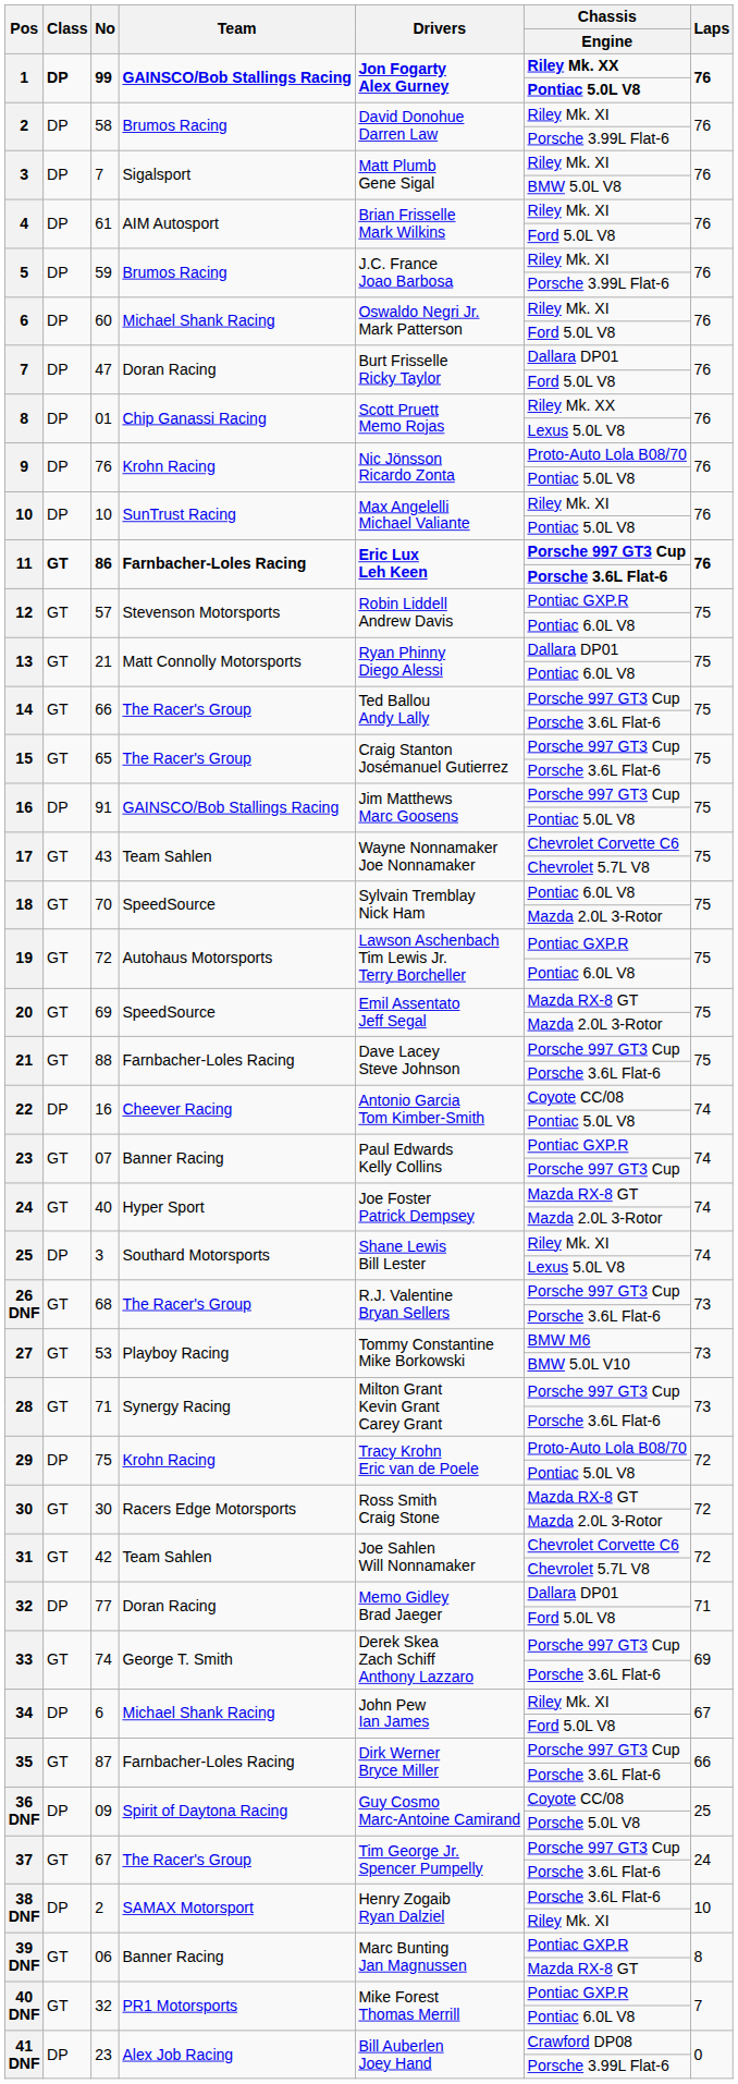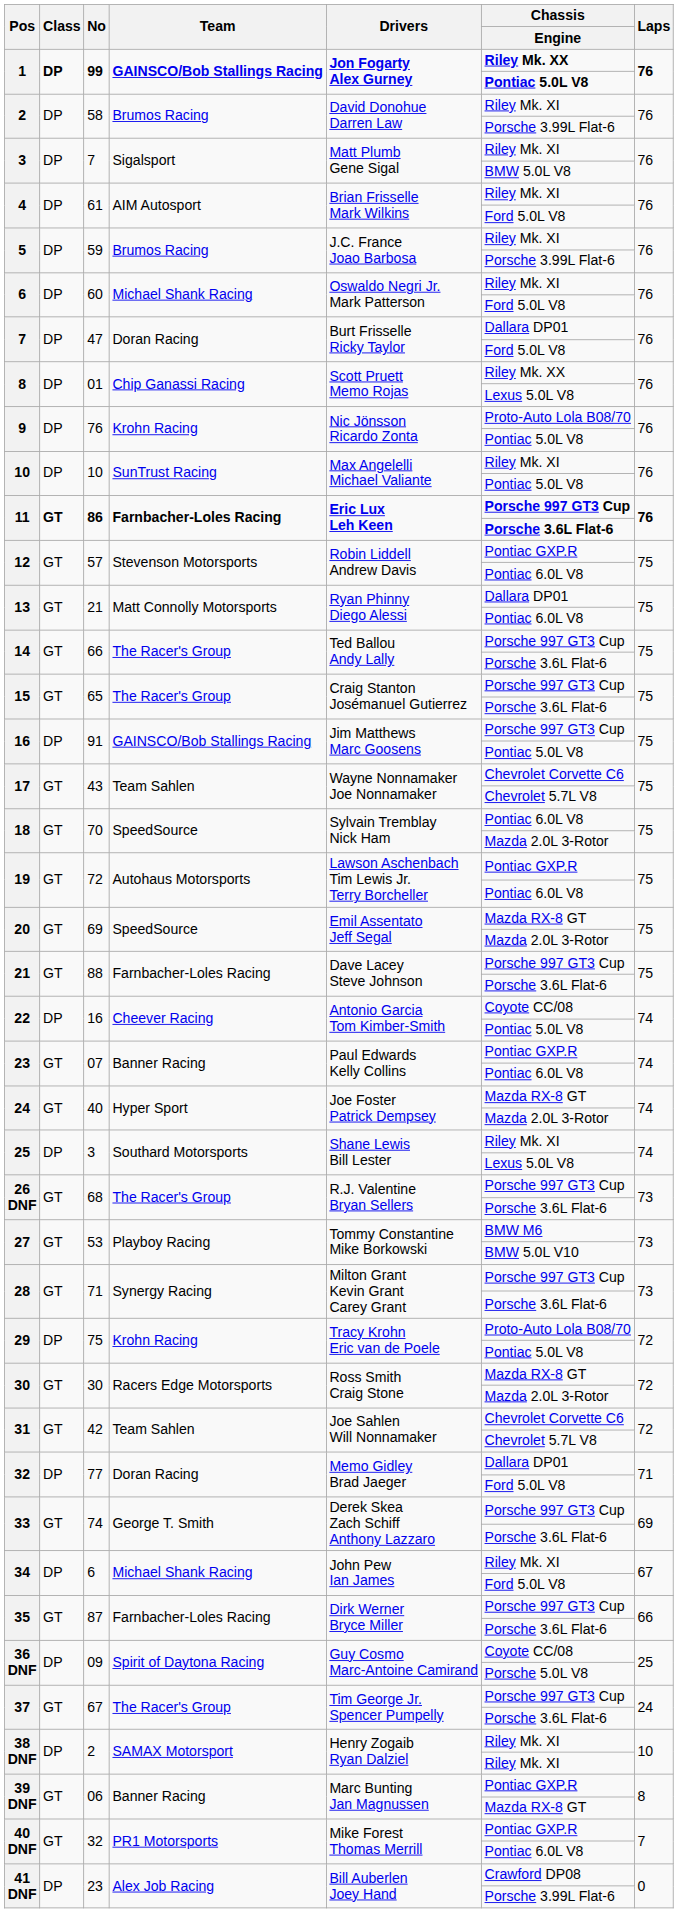 <table class="wikitable">
 <tr>
 <th rowspan="2">Pos</th>
 <th rowspan="2">Class</th>
 <th rowspan="2">No</th>
 <th rowspan="2">Team</th>
 <th rowspan="2">Drivers</th>
 <th>Chassis</th>
 <th rowspan="2">Laps</th>
 </tr>
 <tr>
 <th>Engine</th>
 </tr>
 <tr>
 <th rowspan="2">1</th>
 <td rowspan="2"><strong>DP</strong></td>
 <td rowspan="2"><strong>99</strong></td>
 <td rowspan="2"><strong><a href='#'>GAINSCO/Bob Stallings Racing</a></strong></td>
 <td rowspan="2"><strong> <a href='#'>Jon Fogarty</a><br> <a href='#'>Alex Gurney</a></strong></td>
 <td><strong><a href='#'>Riley</a> Mk. XX</strong></td>
 <td rowspan="2"><strong>76</strong></td>
 </tr>
 <tr>
 <td><strong><a href='#'>Pontiac</a> 5.0L V8</strong></td>
 </tr>
 <tr>
 <th rowspan="2">2</th>
 <td rowspan="2">DP</td>
 <td rowspan="2">58</td>
 <td rowspan="2"><a href='#'>Brumos Racing</a></td>
 <td rowspan="2"> <a href='#'>David Donohue</a><br> <a href='#'>Darren Law</a></td>
 <td><a href='#'>Riley</a> Mk. XI</td>
 <td rowspan="2">76</td>
 </tr>
 <tr>
 <td><a href='#'>Porsche</a> 3.99L Flat-6</td>
 </tr>
 <tr>
 <th rowspan="2">3</th>
 <td rowspan="2">DP</td>
 <td rowspan="2">7</td>
 <td rowspan="2">Sigalsport</td>
 <td rowspan="2"> <a href='#'>Matt Plumb</a><br> Gene Sigal</td>
 <td><a href='#'>Riley</a> Mk. XI</td>
 <td rowspan="2">76</td>
 </tr>
 <tr>
 <td><a href='#'>BMW</a> 5.0L V8</td>
 </tr>
 <tr>
 <th rowspan="2">4</th>
 <td rowspan="2">DP</td>
 <td rowspan="2">61</td>
 <td rowspan="2">AIM Autosport</td>
 <td rowspan="2"> <a href='#'>Brian Frisselle</a><br> <a href='#'>Mark Wilkins</a></td>
 <td><a href='#'>Riley</a> Mk. XI</td>
 <td rowspan="2">76</td>
 </tr>
 <tr>
 <td><a href='#'>Ford</a> 5.0L V8</td>
 </tr>
 <tr>
 <th rowspan="2">5</th>
 <td rowspan="2">DP</td>
 <td rowspan="2">59</td>
 <td rowspan="2"><a href='#'>Brumos Racing</a></td>
 <td rowspan="2"> J.C. France<br> <a href='#'>Joao Barbosa</a></td>
 <td><a href='#'>Riley</a> Mk. XI</td>
 <td rowspan="2">76</td>
 </tr>
 <tr>
 <td><a href='#'>Porsche</a> 3.99L Flat-6</td>
 </tr>
 <tr>
 <th rowspan="2">6</th>
 <td rowspan="2">DP</td>
 <td rowspan="2">60</td>
 <td rowspan="2"><a href='#'>Michael Shank Racing</a></td>
 <td rowspan="2"> <a href='#'>Oswaldo Negri Jr.</a><br> Mark Patterson</td>
 <td><a href='#'>Riley</a> Mk. XI</td>
 <td rowspan="2">76</td>
 </tr>
 <tr>
 <td><a href='#'>Ford</a> 5.0L V8</td>
 </tr>
 <tr>
 <th rowspan="2">7</th>
 <td rowspan="2">DP</td>
 <td rowspan="2">47</td>
 <td rowspan="2">Doran Racing</td>
 <td rowspan="2"> Burt Frisselle<br> <a href='#'>Ricky Taylor</a></td>
 <td><a href='#'>Dallara</a> DP01</td>
 <td rowspan="2">76</td>
 </tr>
 <tr>
 <td><a href='#'>Ford</a> 5.0L V8</td>
 </tr>
 <tr>
 <th rowspan="2">8</th>
 <td rowspan="2">DP</td>
 <td rowspan="2">01</td>
 <td rowspan="2"><a href='#'>Chip Ganassi Racing</a></td>
 <td rowspan="2"> <a href='#'>Scott Pruett</a><br> <a href='#'>Memo Rojas</a></td>
 <td><a href='#'>Riley</a> Mk. XX</td>
 <td rowspan="2">76</td>
 </tr>
 <tr>
 <td><a href='#'>Lexus</a> 5.0L V8</td>
 </tr>
 <tr>
 <th rowspan="2">9</th>
 <td rowspan="2">DP</td>
 <td rowspan="2">76</td>
 <td rowspan="2"><a href='#'>Krohn Racing</a></td>
 <td rowspan="2"> <a href='#'>Nic Jönsson</a><br> <a href='#'>Ricardo Zonta</a></td>
 <td><a href='#'>Proto-Auto Lola B08/70</a></td>
 <td rowspan="2">76</td>
 </tr>
 <tr>
 <td><a href='#'>Pontiac</a> 5.0L V8</td>
 </tr>
 <tr>
 <th rowspan="2">10</th>
 <td rowspan="2">DP</td>
 <td rowspan="2">10</td>
 <td rowspan="2"><a href='#'>SunTrust Racing</a></td>
 <td rowspan="2"> <a href='#'>Max Angelelli</a><br> <a href='#'>Michael Valiante</a></td>
 <td><a href='#'>Riley</a> Mk. XI</td>
 <td rowspan="2">76</td>
 </tr>
 <tr>
 <td><a href='#'>Pontiac</a> 5.0L V8</td>
 </tr>
 <tr>
 <th rowspan="2">11</th>
 <td rowspan="2"><strong>GT</strong></td>
 <td rowspan="2"><strong>86</strong></td>
 <td rowspan="2"><strong>Farnbacher-Loles Racing</strong></td>
 <td rowspan="2"><strong> <a href='#'>Eric Lux</a><br> <a href='#'>Leh Keen</a></strong></td>
 <td><strong><a href='#'>Porsche 997 GT3</a> Cup</strong></td>
 <td rowspan="2"><strong>76</strong></td>
 </tr>
 <tr>
 <td><strong><a href='#'>Porsche</a> 3.6L Flat-6</strong></td>
 </tr>
 <tr>
 <th rowspan="2">12</th>
 <td rowspan="2">GT</td>
 <td rowspan="2">57</td>
 <td rowspan="2">Stevenson Motorsports</td>
 <td rowspan="2"> <a href='#'>Robin Liddell</a><br> Andrew Davis</td>
 <td><a href='#'>Pontiac GXP.R</a></td>
 <td rowspan="2">75</td>
 </tr>
 <tr>
 <td><a href='#'>Pontiac</a> 6.0L V8</td>
 </tr>
 <tr>
 <th rowspan="2">13</th>
 <td rowspan="2">GT</td>
 <td rowspan="2">21</td>
 <td rowspan="2">Matt Connolly Motorsports</td>
 <td rowspan="2"> <a href='#'>Ryan Phinny</a><br> <a href='#'>Diego Alessi</a></td>
 <td><a href='#'>Dallara</a> DP01</td>
 <td rowspan="2">75</td>
 </tr>
 <tr>
 <td><a href='#'>Pontiac</a> 6.0L V8</td>
 </tr>
 <tr>
 <th rowspan="2">14</th>
 <td rowspan="2">GT</td>
 <td rowspan="2">66</td>
 <td rowspan="2"><a href='#'>The Racer's Group</a></td>
 <td rowspan="2"> Ted Ballou<br> <a href='#'>Andy Lally</a></td>
 <td><a href='#'>Porsche 997 GT3</a> Cup</td>
 <td rowspan="2">75</td>
 </tr>
 <tr>
 <td><a href='#'>Porsche</a> 3.6L Flat-6</td>
 </tr>
 <tr>
 <th rowspan="2">15</th>
 <td rowspan="2">GT</td>
 <td rowspan="2">65</td>
 <td rowspan="2"><a href='#'>The Racer's Group</a></td>
 <td rowspan="2"> Craig Stanton<br> Josémanuel Gutierrez</td>
 <td><a href='#'>Porsche 997 GT3</a> Cup</td>
 <td rowspan="2">75</td>
 </tr>
 <tr>
 <td><a href='#'>Porsche</a> 3.6L Flat-6</td>
 </tr>
 <tr>
 <th rowspan="2">16</th>
 <td rowspan="2">DP</td>
 <td rowspan="2">91</td>
 <td rowspan="2"><a href='#'>GAINSCO/Bob Stallings Racing</a></td>
 <td rowspan="2"> Jim Matthews<br> <a href='#'>Marc Goosens</a></td>
 <td><a href='#'>Porsche 997 GT3</a> Cup</td>
 <td rowspan="2">75</td>
 </tr>
 <tr>
 <td><a href='#'>Pontiac</a> 5.0L V8</td>
 </tr>
 <tr>
 <th rowspan="2">17</th>
 <td rowspan="2">GT</td>
 <td rowspan="2">43</td>
 <td rowspan="2">Team Sahlen</td>
 <td rowspan="2"> Wayne Nonnamaker<br> Joe Nonnamaker</td>
 <td><a href='#'>Chevrolet Corvette C6</a></td>
 <td rowspan="2">75</td>
 </tr>
 <tr>
 <td><a href='#'>Chevrolet</a> 5.7L V8</td>
 </tr>
 <tr>
 <th rowspan="2">18</th>
 <td rowspan="2">GT</td>
 <td rowspan="2">70</td>
 <td rowspan="2">SpeedSource</td>
 <td rowspan="2"> Sylvain Tremblay<br> Nick Ham</td>
 <td><a href='#'>Pontiac</a> 6.0L V8</td>
 <td rowspan="2">75</td>
 </tr>
 <tr>
 <td><a href='#'>Mazda</a> 2.0L 3-Rotor</td>
 </tr>
 <tr>
 <th rowspan="2">19</th>
 <td rowspan="2">GT</td>
 <td rowspan="2">72</td>
 <td rowspan="2">Autohaus Motorsports</td>
 <td rowspan="2"> <a href='#'>Lawson Aschenbach</a><br> Tim Lewis Jr.<br> <a href='#'>Terry Borcheller</a></td>
 <td><a href='#'>Pontiac GXP.R</a></td>
 <td rowspan="2">75</td>
 </tr>
 <tr>
 <td><a href='#'>Pontiac</a> 6.0L V8</td>
 </tr>
 <tr>
 <th rowspan="2">20</th>
 <td rowspan="2">GT</td>
 <td rowspan="2">69</td>
 <td rowspan="2">SpeedSource</td>
 <td rowspan="2"> <a href='#'>Emil Assentato</a><br> <a href='#'>Jeff Segal</a></td>
 <td><a href='#'>Mazda RX-8</a> GT</td>
 <td rowspan="2">75</td>
 </tr>
 <tr>
 <td><a href='#'>Mazda</a> 2.0L 3-Rotor</td>
 </tr>
 <tr>
 <th rowspan="2">21</th>
 <td rowspan="2">GT</td>
 <td rowspan="2">88</td>
 <td rowspan="2">Farnbacher-Loles Racing</td>
 <td rowspan="2"> Dave Lacey<br> Steve Johnson</td>
 <td><a href='#'>Porsche 997 GT3</a> Cup</td>
 <td rowspan="2">75</td>
 </tr>
 <tr>
 <td><a href='#'>Porsche</a> 3.6L Flat-6</td>
 </tr>
 <tr>
 <th rowspan="2">22</th>
 <td rowspan="2">DP</td>
 <td rowspan="2">16</td>
 <td rowspan="2"><a href='#'>Cheever Racing</a></td>
 <td rowspan="2"> <a href='#'>Antonio Garcia</a><br> <a href='#'>Tom Kimber-Smith</a></td>
 <td><a href='#'>Coyote</a> CC/08</td>
 <td rowspan="2">74</td>
 </tr>
 <tr>
 <td><a href='#'>Pontiac</a> 5.0L V8</td>
 </tr>
 <tr>
 <th rowspan="2">23</th>
 <td rowspan="2">GT</td>
 <td rowspan="2">07</td>
 <td rowspan="2">Banner Racing</td>
 <td rowspan="2"> Paul Edwards<br> Kelly Collins</td>
 <td><a href='#'>Pontiac GXP.R</a></td>
 <td rowspan="2">74</td>
 </tr>
 <tr>
-<td><a href='#'>Porsche 997 GT3</a> Cup</td>
+<td><a href='#'>Pontiac</a> 6.0L V8</td>
 </tr>
 <tr>
 <th rowspan="2">24</th>
 <td rowspan="2">GT</td>
 <td rowspan="2">40</td>
 <td rowspan="2">Hyper Sport</td>
 <td rowspan="2"> Joe Foster<br> <a href='#'>Patrick Dempsey</a></td>
 <td><a href='#'>Mazda RX-8</a> GT</td>
 <td rowspan="2">74</td>
 </tr>
 <tr>
 <td><a href='#'>Mazda</a> 2.0L 3-Rotor</td>
 </tr>
 <tr>
 <th rowspan="2">25</th>
 <td rowspan="2">DP</td>
 <td rowspan="2">3</td>
 <td rowspan="2">Southard Motorsports</td>
 <td rowspan="2"> <a href='#'>Shane Lewis</a><br> Bill Lester</td>
 <td><a href='#'>Riley</a> Mk. XI</td>
 <td rowspan="2">74</td>
 </tr>
 <tr>
 <td><a href='#'>Lexus</a> 5.0L V8</td>
 </tr>
 <tr>
 <th rowspan="2">26<br>DNF</th>
 <td rowspan="2">GT</td>
 <td rowspan="2">68</td>
 <td rowspan="2"><a href='#'>The Racer's Group</a></td>
 <td rowspan="2"> R.J. Valentine<br> <a href='#'>Bryan Sellers</a></td>
 <td><a href='#'>Porsche 997 GT3</a> Cup</td>
 <td rowspan="2">73</td>
 </tr>
 <tr>
 <td><a href='#'>Porsche</a> 3.6L Flat-6</td>
 </tr>
 <tr>
 <th rowspan="2">27</th>
 <td rowspan="2">GT</td>
 <td rowspan="2">53</td>
 <td rowspan="2">Playboy Racing</td>
 <td rowspan="2"> Tommy Constantine<br> Mike Borkowski</td>
 <td><a href='#'>BMW M6</a></td>
 <td rowspan="2">73</td>
 </tr>
 <tr>
 <td><a href='#'>BMW</a> 5.0L V10</td>
 </tr>
 <tr>
 <th rowspan="2">28</th>
 <td rowspan="2">GT</td>
 <td rowspan="2">71</td>
 <td rowspan="2">Synergy Racing</td>
 <td rowspan="2"> Milton Grant<br> Kevin Grant<br> Carey Grant</td>
 <td><a href='#'>Porsche 997 GT3</a> Cup</td>
 <td rowspan="2">73</td>
 </tr>
 <tr>
 <td><a href='#'>Porsche</a> 3.6L Flat-6</td>
 </tr>
 <tr>
 <th rowspan="2">29</th>
 <td rowspan="2">DP</td>
 <td rowspan="2">75</td>
 <td rowspan="2"><a href='#'>Krohn Racing</a></td>
 <td rowspan="2"> <a href='#'>Tracy Krohn</a><br> <a href='#'>Eric van de Poele</a></td>
 <td><a href='#'>Proto-Auto Lola B08/70</a></td>
 <td rowspan="2">72</td>
 </tr>
 <tr>
 <td><a href='#'>Pontiac</a> 5.0L V8</td>
 </tr>
 <tr>
 <th rowspan="2">30</th>
 <td rowspan="2">GT</td>
 <td rowspan="2">30</td>
 <td rowspan="2">Racers Edge Motorsports</td>
 <td rowspan="2"> Ross Smith<br> Craig Stone</td>
 <td><a href='#'>Mazda RX-8</a> GT</td>
 <td rowspan="2">72</td>
 </tr>
 <tr>
 <td><a href='#'>Mazda</a> 2.0L 3-Rotor</td>
 </tr>
 <tr>
 <th rowspan="2">31</th>
 <td rowspan="2">GT</td>
 <td rowspan="2">42</td>
 <td rowspan="2">Team Sahlen</td>
 <td rowspan="2"> Joe Sahlen<br> Will Nonnamaker</td>
 <td><a href='#'>Chevrolet Corvette C6</a></td>
 <td rowspan="2">72</td>
 </tr>
 <tr>
 <td><a href='#'>Chevrolet</a> 5.7L V8</td>
 </tr>
 <tr>
 <th rowspan="2">32</th>
 <td rowspan="2">DP</td>
 <td rowspan="2">77</td>
 <td rowspan="2">Doran Racing</td>
 <td rowspan="2"><strong></strong> <a href='#'>Memo Gidley</a><br> Brad Jaeger</td>
 <td><a href='#'>Dallara</a> DP01</td>
 <td rowspan="2">71</td>
 </tr>
 <tr>
 <td><a href='#'>Ford</a> 5.0L V8</td>
 </tr>
 <tr>
 <th rowspan="2">33</th>
 <td rowspan="2">GT</td>
 <td rowspan="2">74</td>
 <td rowspan="2">George T. Smith</td>
 <td rowspan="2"> Derek Skea<br> Zach Schiff<br> <a href='#'>Anthony Lazzaro</a></td>
 <td><a href='#'>Porsche 997 GT3</a> Cup</td>
 <td rowspan="2">69</td>
 </tr>
 <tr>
 <td><a href='#'>Porsche</a> 3.6L Flat-6</td>
 </tr>
 <tr>
 <th rowspan="2">34</th>
 <td rowspan="2">DP</td>
 <td rowspan="2">6</td>
 <td rowspan="2"><a href='#'>Michael Shank Racing</a></td>
 <td rowspan="2"> John Pew<br> <a href='#'>Ian James</a></td>
 <td><a href='#'>Riley</a> Mk. XI</td>
 <td rowspan="2">67</td>
 </tr>
 <tr>
 <td><a href='#'>Ford</a> 5.0L V8</td>
 </tr>
 <tr>
 <th rowspan="2">35</th>
 <td rowspan="2">GT</td>
 <td rowspan="2">87</td>
 <td rowspan="2">Farnbacher-Loles Racing</td>
 <td rowspan="2"> <a href='#'>Dirk Werner</a><br> <a href='#'>Bryce Miller</a></td>
 <td><a href='#'>Porsche 997 GT3</a> Cup</td>
 <td rowspan="2">66</td>
 </tr>
 <tr>
 <td><a href='#'>Porsche</a> 3.6L Flat-6</td>
 </tr>
 <tr>
 <th rowspan="2">36<br>DNF</th>
 <td rowspan="2">DP</td>
 <td rowspan="2">09</td>
 <td rowspan="2"><a href='#'>Spirit of Daytona Racing</a></td>
 <td rowspan="2"> <a href='#'>Guy Cosmo</a><br> <a href='#'>Marc-Antoine Camirand</a></td>
 <td><a href='#'>Coyote</a> CC/08</td>
 <td rowspan="2">25</td>
 </tr>
 <tr>
 <td><a href='#'>Porsche</a> 5.0L V8</td>
 </tr>
 <tr>
 <th rowspan="2">37</th>
 <td rowspan="2">GT</td>
 <td rowspan="2">67</td>
 <td rowspan="2"><a href='#'>The Racer's Group</a></td>
 <td rowspan="2"> <a href='#'>Tim George Jr.</a><br> <a href='#'>Spencer Pumpelly</a></td>
 <td><a href='#'>Porsche 997 GT3</a> Cup</td>
 <td rowspan="2">24</td>
 </tr>
 <tr>
 <td><a href='#'>Porsche</a> 3.6L Flat-6</td>
 </tr>
 <tr>
 <th rowspan="2">38<br>DNF</th>
 <td rowspan="2">DP</td>
 <td rowspan="2">2</td>
 <td rowspan="2"><a href='#'>SAMAX Motorsport</a></td>
 <td rowspan="2"> Henry Zogaib<br> <a href='#'>Ryan Dalziel</a></td>
-<td><a href='#'>Porsche</a> 3.6L Flat-6</td>
+<td><a href='#'>Riley</a> Mk. XI</td>
 <td rowspan="2">10</td>
 </tr>
 <tr>
 <td><a href='#'>Riley</a> Mk. XI</td>
 </tr>
 <tr>
 <th rowspan="2">39<br>DNF</th>
 <td rowspan="2">GT</td>
 <td rowspan="2">06</td>
 <td rowspan="2">Banner Racing</td>
 <td rowspan="2"> Marc Bunting<br> <a href='#'>Jan Magnussen</a></td>
 <td><a href='#'>Pontiac GXP.R</a></td>
 <td rowspan="2">8</td>
 </tr>
 <tr>
 <td><a href='#'>Mazda RX-8</a> GT</td>
 </tr>
 <tr>
 <th rowspan="2">40<br>DNF</th>
 <td rowspan="2">GT</td>
 <td rowspan="2">32</td>
 <td rowspan="2"><a href='#'>PR1 Motorsports</a></td>
 <td rowspan="2"> Mike Forest<br> <a href='#'>Thomas Merrill</a></td>
 <td><a href='#'>Pontiac GXP.R</a></td>
 <td rowspan="2">7</td>
 </tr>
 <tr>
 <td><a href='#'>Pontiac</a> 6.0L V8</td>
 </tr>
 <tr>
 <th rowspan="2">41<br>DNF</th>
 <td rowspan="2">DP</td>
 <td rowspan="2">23</td>
 <td rowspan="2"><a href='#'>Alex Job Racing</a></td>
 <td rowspan="2"> <a href='#'>Bill Auberlen</a><br> <a href='#'>Joey Hand</a></td>
 <td><a href='#'>Crawford</a> DP08</td>
 <td rowspan="2">0</td>
 </tr>
 <tr>
 <td><a href='#'>Porsche</a> 3.99L Flat-6</td>
 </tr>
 </table>
